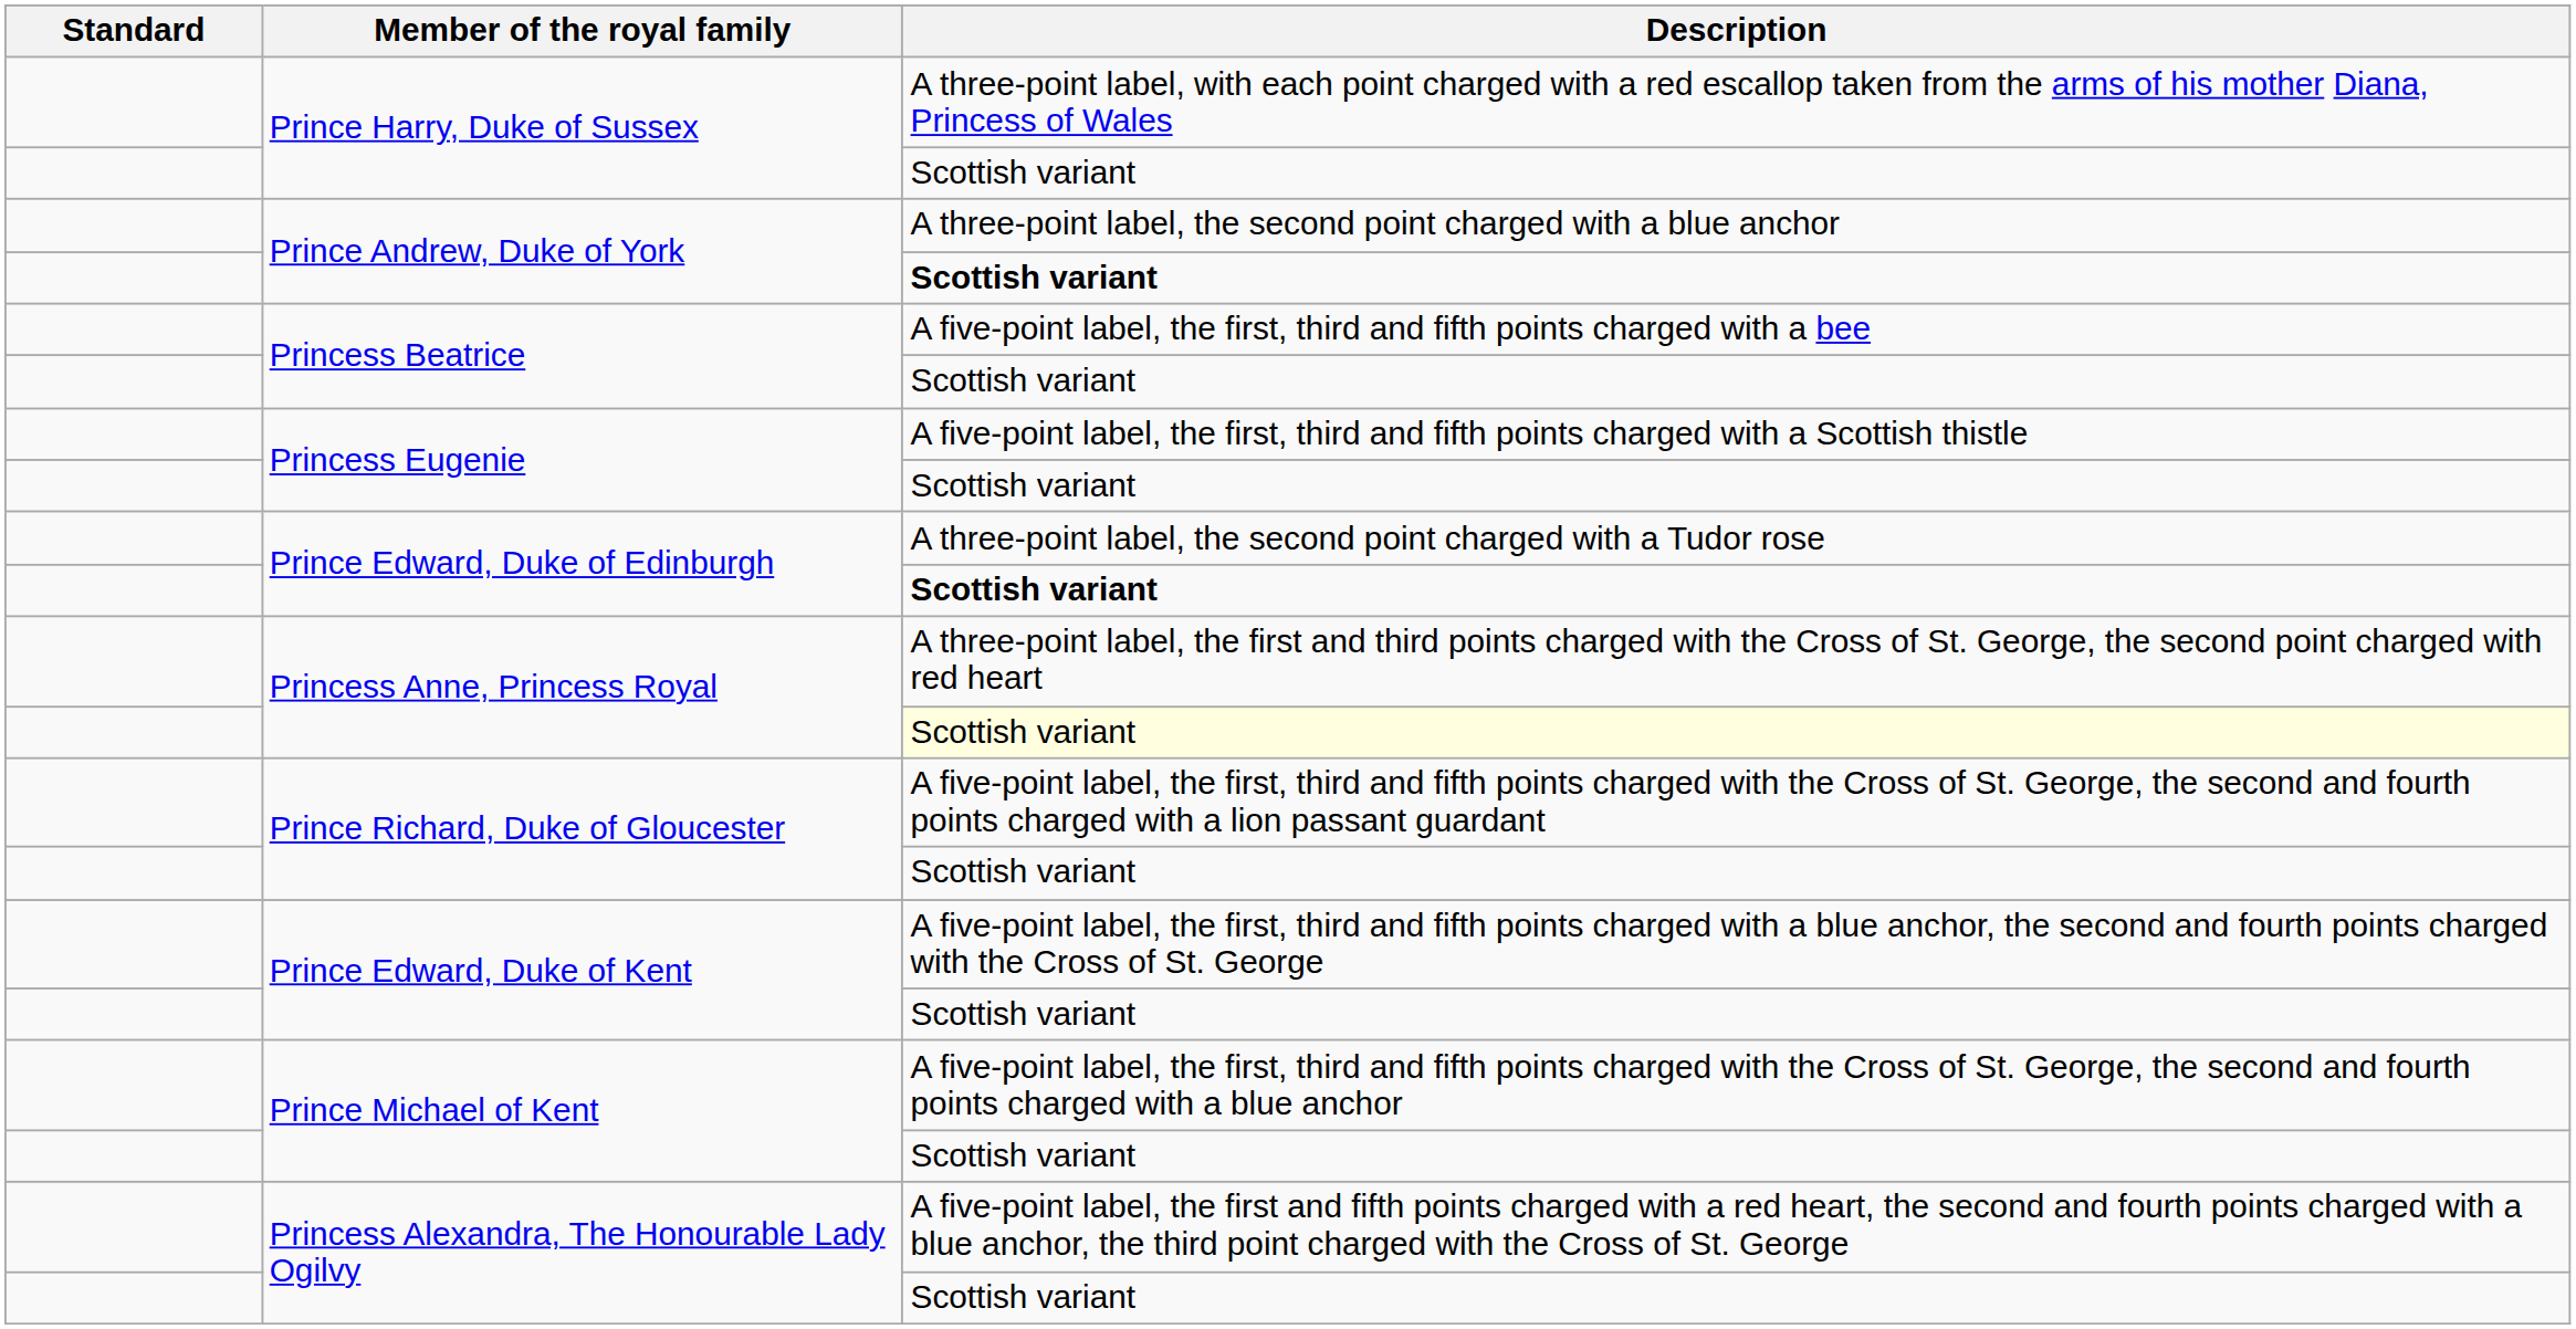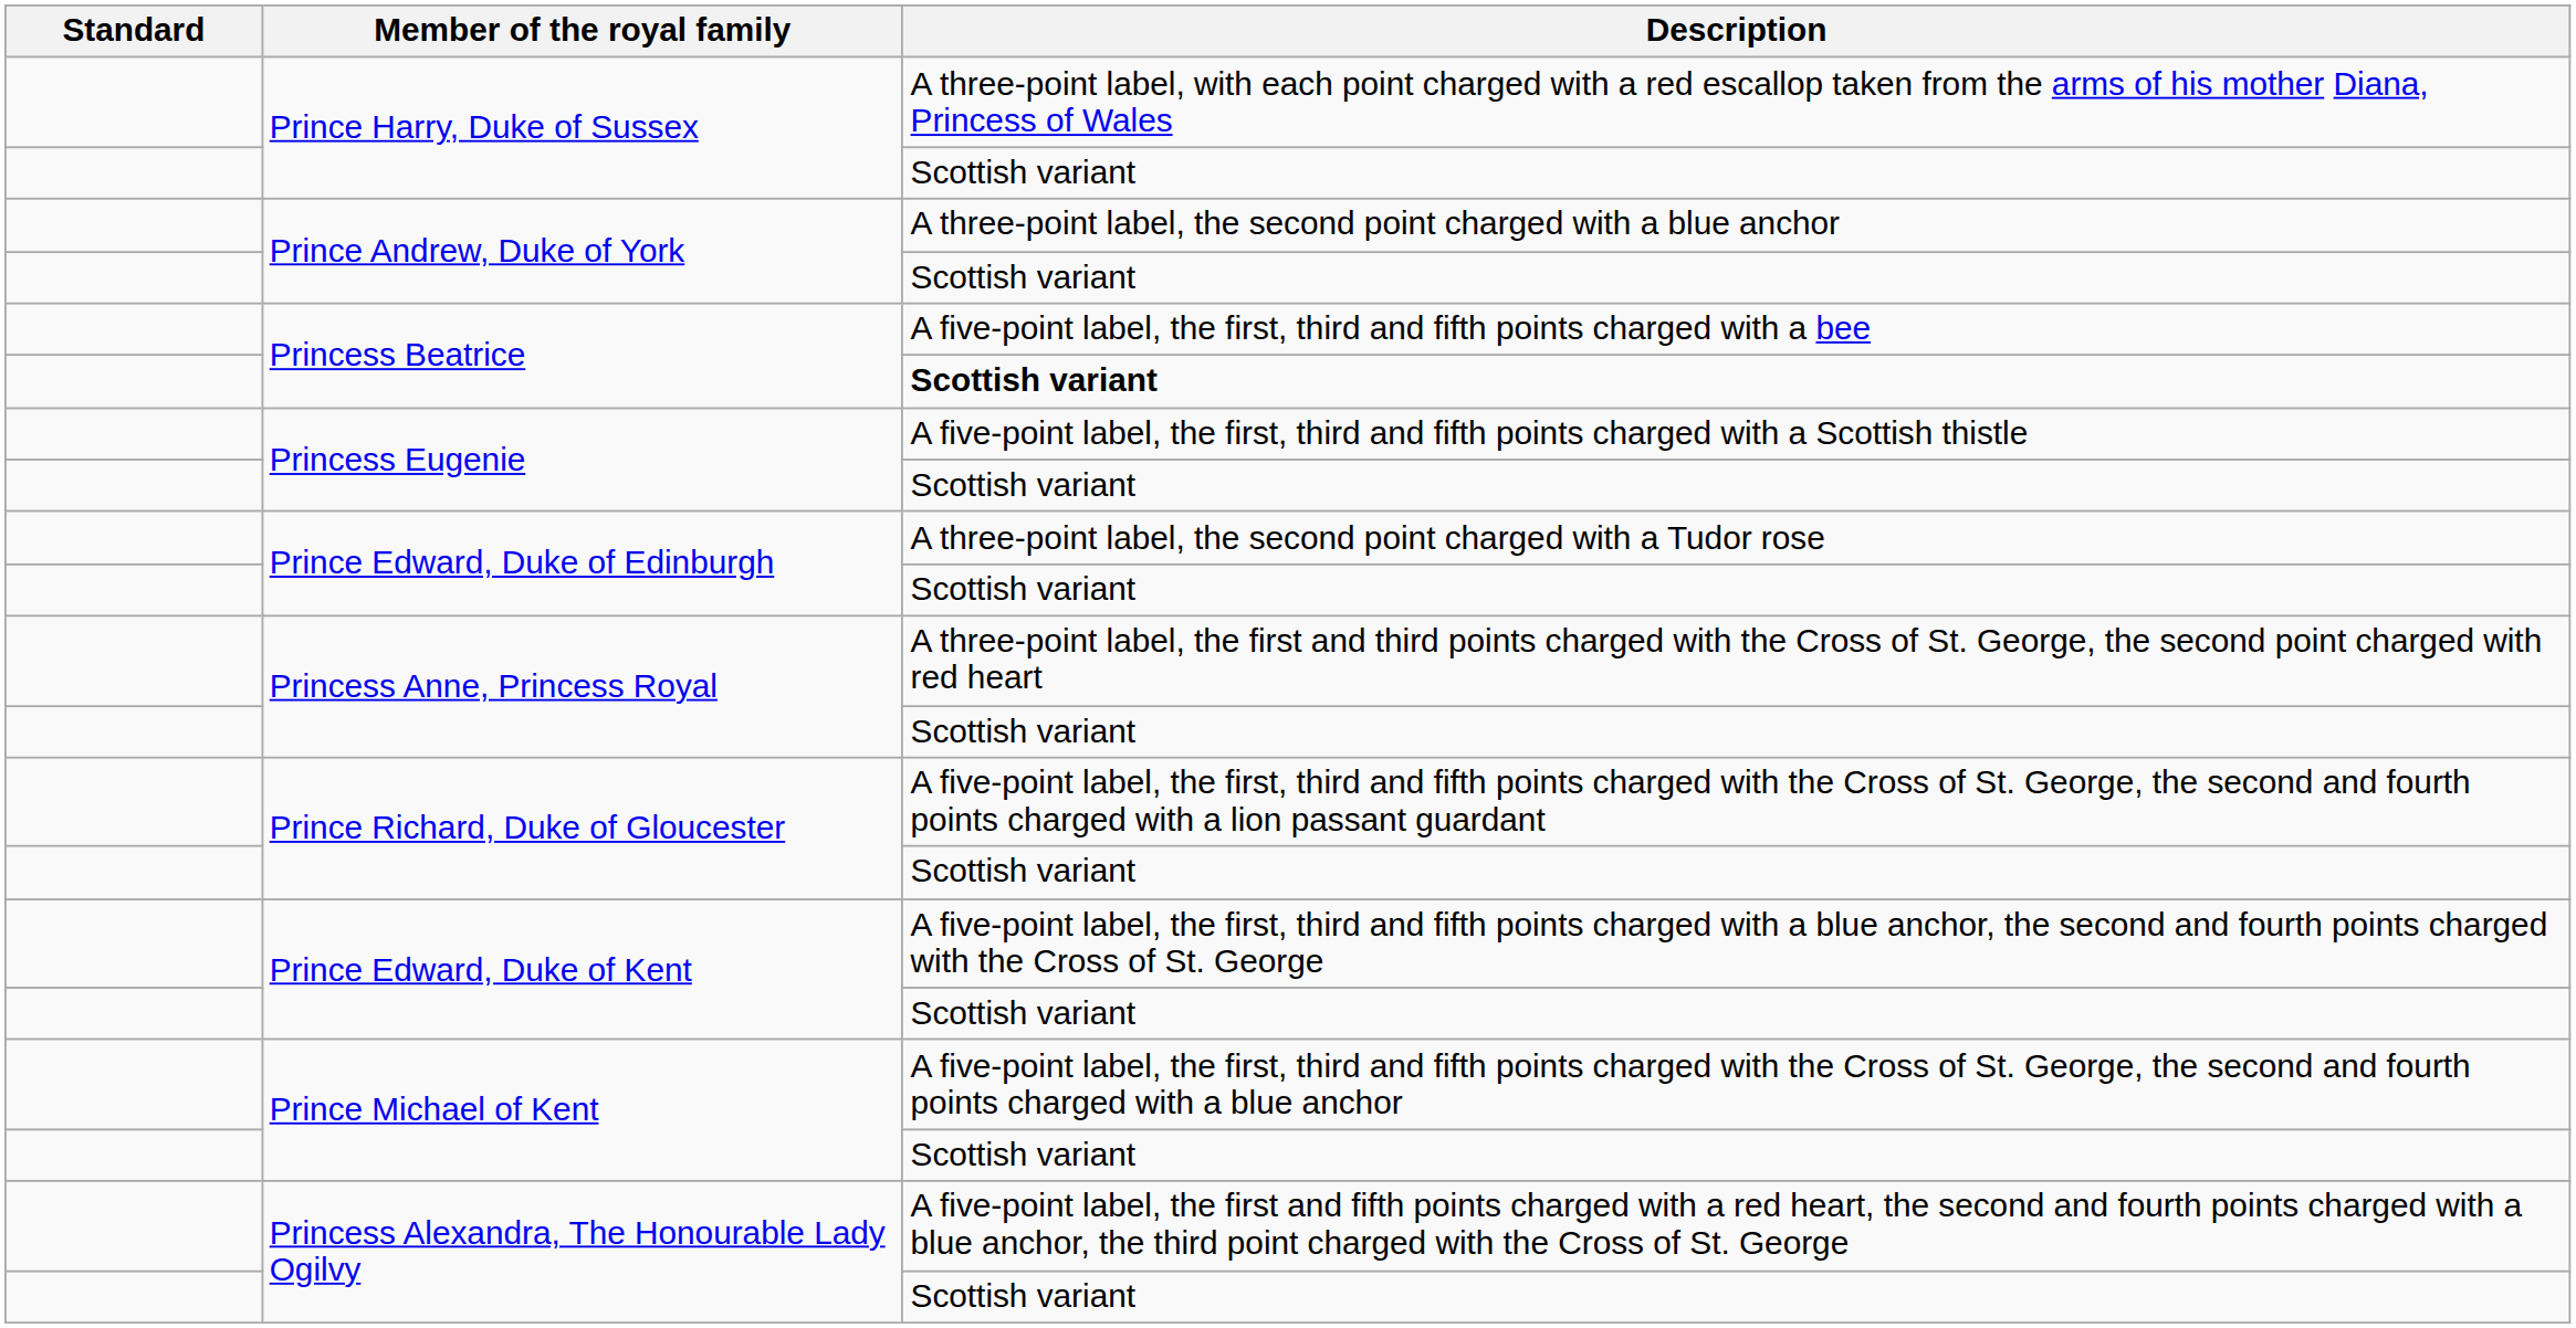 <table class="wikitable">
 <tr style="background:#efefef;">
 <th style="width:10%;">Standard</th>
 <th style="width:25%;">Member of the royal family</th>
 <th style="width:65%;">Description</th>
 </tr>
 <tr>
 <td></td>
 <td rowspan="2"><a href='#'>Prince Harry, Duke of Sussex</a></td>
 <td>A three-point label, with each point charged with a red escallop taken from the <a href='#'>arms of his mother</a> <a href='#'>Diana, Princess of Wales</a></td>
 </tr>
 <tr>
 <td></td>
 <td>Scottish variant</td>
 </tr>
 <tr>
 <td></td>
 <td rowspan="2"><a href='#'>Prince Andrew, Duke of York</a></td>
 <td>A three-point label, the second point charged with a blue anchor</td>
 </tr>
 <tr>
 <td></td>
-<td><strong>Scottish variant</strong></td>
+<td>Scottish variant</td>
 </tr>
 <tr>
 <td></td>
 <td rowspan="2"><a href='#'>Princess Beatrice</a></td>
 <td>A five-point label, the first, third and fifth points charged with a <a href='#'>bee</a></td>
 </tr>
 <tr>
 <td></td>
-<td>Scottish variant</td>
+<td><strong>Scottish variant</strong></td>
 </tr>
 <tr>
 <td></td>
 <td rowspan="2"><a href='#'>Princess Eugenie</a></td>
 <td>A five-point label, the first, third and fifth points charged with a Scottish thistle</td>
 </tr>
 <tr>
 <td></td>
 <td>Scottish variant</td>
 </tr>
 <tr>
 <td></td>
 <td rowspan="2"><a href='#'>Prince Edward, Duke of Edinburgh</a></td>
 <td>A three-point label, the second point charged with a Tudor rose</td>
 </tr>
 <tr>
 <td></td>
-<td><strong>Scottish variant</strong></td>
+<td>Scottish variant</td>
 </tr>
 <tr>
 <td></td>
 <td rowspan="2"><a href='#'>Princess Anne, Princess Royal</a></td>
 <td>A three-point label, the first and third points charged with the Cross of St. George, the second point charged with red heart</td>
 </tr>
 <tr>
 <td></td>
-<td style="background: lightyellow;">Scottish variant</td>
+<td>Scottish variant</td>
 </tr>
 <tr>
 <td></td>
 <td rowspan="2"><a href='#'>Prince Richard, Duke of Gloucester</a></td>
 <td>A five-point label, the first, third and fifth points charged with the Cross of St. George, the second and fourth points charged with a lion passant guardant</td>
 </tr>
 <tr>
 <td></td>
 <td>Scottish variant</td>
 </tr>
 <tr>
 <td></td>
 <td rowspan="2"><a href='#'>Prince Edward, Duke of Kent</a></td>
 <td>A five-point label, the first, third and fifth points charged with a blue anchor, the second and fourth points charged with the Cross of St. George</td>
 </tr>
 <tr>
 <td></td>
 <td>Scottish variant</td>
 </tr>
 <tr>
 <td></td>
 <td rowspan="2"><a href='#'>Prince Michael of Kent</a></td>
 <td>A five-point label, the first, third and fifth points charged with the Cross of St. George, the second and fourth points charged with a blue anchor</td>
 </tr>
 <tr>
 <td></td>
 <td>Scottish variant</td>
 </tr>
 <tr>
 <td></td>
 <td rowspan="2"><a href='#'>Princess Alexandra, The Honourable Lady Ogilvy</a></td>
 <td>A five-point label, the first and fifth points charged with a red heart, the second and fourth points charged with a blue anchor, the third point charged with the Cross of St. George</td>
 </tr>
 <tr>
 <td></td>
 <td>Scottish variant</td>
 </tr>
 </table>
